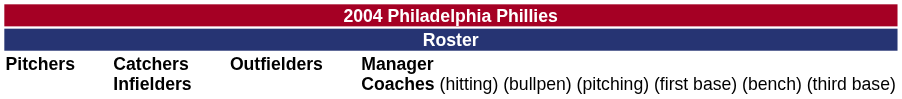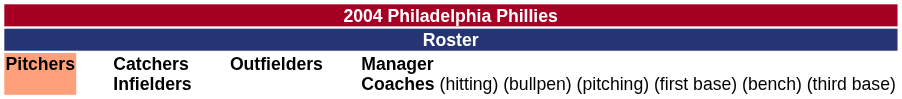 <table class="toccolours" style="font-size: 95%;">
 <tr>
 <th colspan="10" style="background-color: #A50024; color: #FFFFFF; text-align: center;">2004 Philadelphia Phillies</th>
 </tr>
 <tr>
 <td colspan="10" style="background-color: #263473; color: white; text-align: center;"><strong>Roster</strong></td>
 </tr>
 <tr>
-<td valign="top"><strong>Pitchers</strong><br>                    </td>
+<td valign="top" style="background: lightsalmon;"><strong>Pitchers</strong><br>                    </td>
 <td width="25px"></td>
 <td valign="top"><strong>Catchers</strong><br>   <strong>Infielders</strong>        </td>
 <td width="25px"></td>
 <td valign="top"><strong>Outfielders</strong><br>      </td>
 <td width="25px"></td>
 <td valign="top"><strong>Manager</strong><br> <strong>Coaches</strong>  (hitting)  (bullpen)  (pitching)  (first base)  (bench)  (third base)</td>
 </tr>
 <tr>
 </tr>
 </table>
